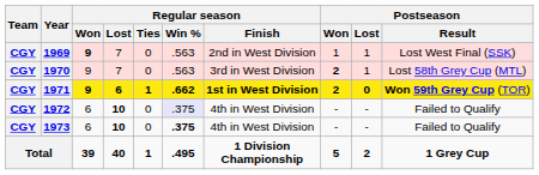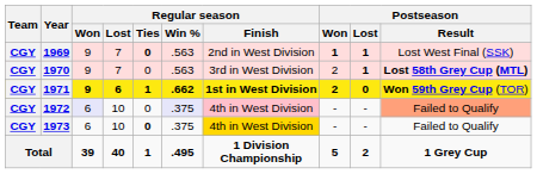 <table class="wikitable" style="font-size: 95%; text-align:center;">
 <tr>
 <th rowspan="2">Team</th>
 <th rowspan="2">Year</th>
 <th colspan="5">Regular season</th>
 <th colspan="4">Postseason</th>
 </tr>
 <tr>
 <th>Won</th>
 <th>Lost</th>
 <th>Ties</th>
 <th>Win %</th>
 <th>Finish</th>
 <th>Won</th>
 <th>Lost</th>
 <th>Result</th>
 </tr>
 <tr ! style="background:#FDD;">
 <th><a href='#'>CGY</a></th>
 <th><a href='#'>1969</a></th>
-<td><strong>9</strong></td>
+<td>9</td>
 <td>7</td>
-<td>0</td>
+<td><strong>0</strong></td>
 <td>.563</td>
 <td>2nd in West Division</td>
-<td>1</td>
-<td>1</td>
+<td><strong>1</strong></td>
+<td><strong>1</strong></td>
 <td>Lost West Final (<a href='#'>SSK</a>)</td>
 </tr>
 <tr ! style="background:#FDD;">
 <th><a href='#'>CGY</a></th>
 <th><a href='#'>1970</a></th>
 <td>9</td>
 <td>7</td>
 <td>0</td>
 <td>.563</td>
 <td>3rd in West Division</td>
-<td><strong>2</strong></td>
-<td>1</td>
-<td>Lost <a href='#'>58th Grey Cup</a> (<a href='#'>MTL</a>)</td>
+<td>2</td>
+<td><strong>1</strong></td>
+<td><strong>Lost <a href='#'>58th Grey Cup</a> (<a href='#'>MTL</a>)</strong></td>
 </tr>
 <tr ! style="background:#FDE910;">
 <th><a href='#'>CGY</a></th>
 <th><a href='#'>1971</a></th>
 <td><strong>9</strong></td>
 <td><strong>6</strong></td>
 <td><strong>1</strong></td>
 <td><strong>.662</strong></td>
 <td><strong>1st in West Division</strong></td>
 <td><strong>2</strong></td>
 <td><strong>0</strong></td>
 <td><strong>Won <a href='#'>59th Grey Cup</a></strong> (<a href='#'>TOR</a>)</td>
 </tr>
 <tr>
 <th><a href='#'>CGY</a></th>
 <th><a href='#'>1972</a></th>
-<td>6</td>
-<td><strong>10</strong></td>
+<td style="background: lavender;">6</td>
+<td>10</td>
 <td>0</td>
 <td style="background: lavender;">.375</td>
-<td>4th in West Division</td>
+<td style="background: pink;">4th in West Division</td>
 <td>-</td>
 <td>-</td>
-<td>Failed to Qualify</td>
+<td style="background: lightsalmon;">Failed to Qualify</td>
 </tr>
 <tr>
 <th><a href='#'>CGY</a></th>
 <th><a href='#'>1973</a></th>
 <td>6</td>
-<td><strong>10</strong></td>
-<td>0</td>
-<td><strong>.375</strong></td>
-<td>4th in West Division</td>
+<td>10</td>
+<td><strong>0</strong></td>
+<td>.375</td>
+<td style="background: gold;">4th in West Division</td>
 <td>-</td>
 <td>-</td>
 <td>Failed to Qualify</td>
 </tr>
 <tr>
 <th colspan="2"><strong>Total</strong></th>
 <td><strong>39</strong></td>
 <td><strong>40</strong></td>
 <td><strong>1</strong></td>
 <td><strong> .495 </strong></td>
 <td><strong>1 Division<br>Championship</strong></td>
 <td><strong>5</strong></td>
 <td><strong>2</strong></td>
 <td><strong>1 Grey Cup</strong></td>
 </tr>
 </table>
